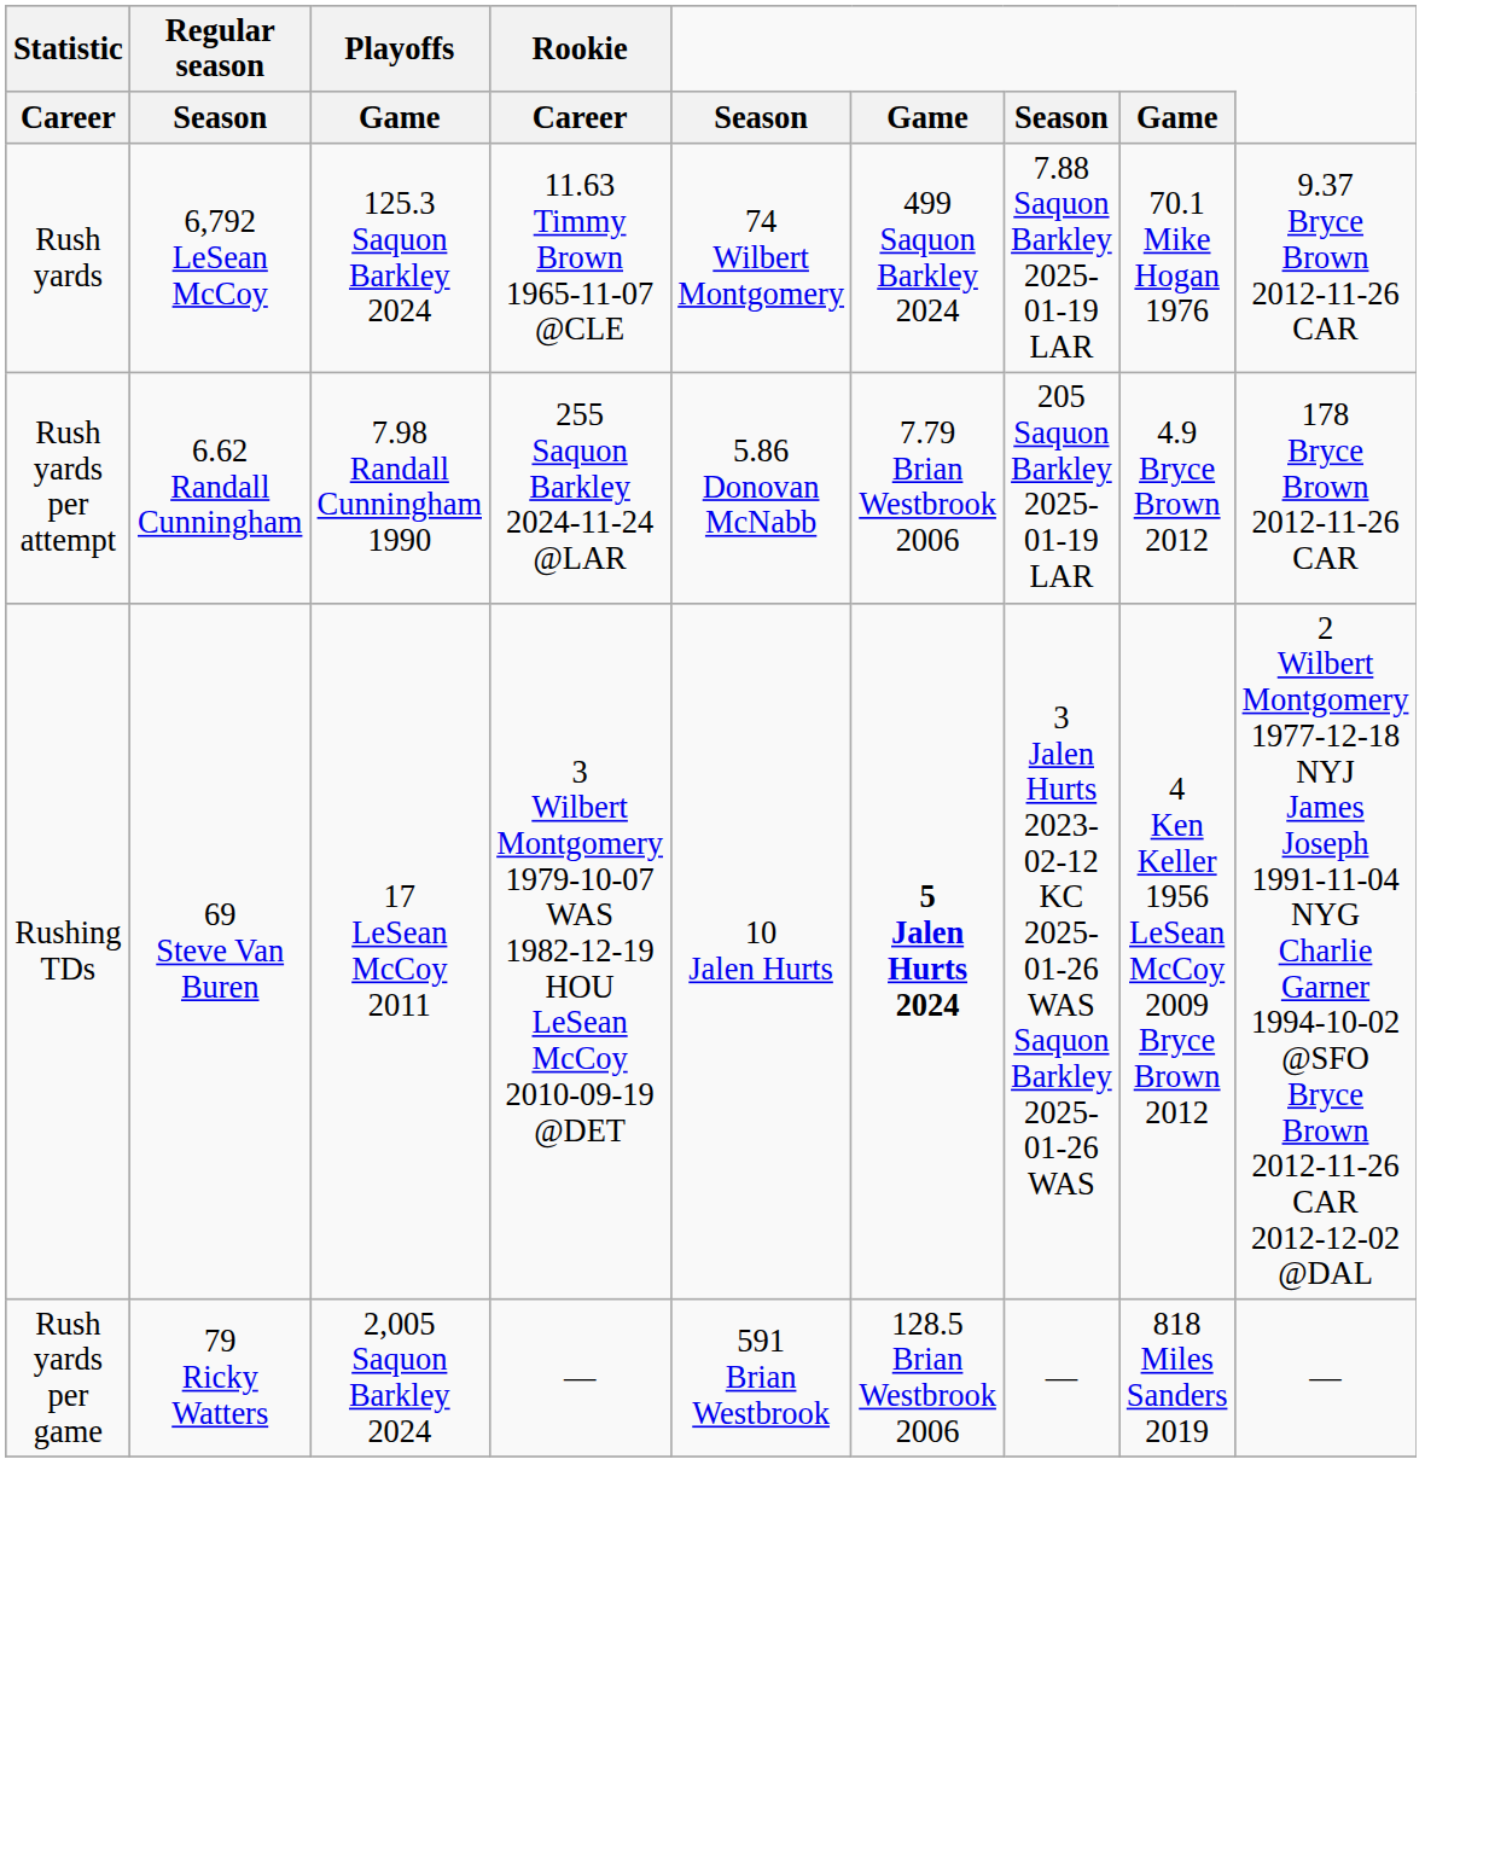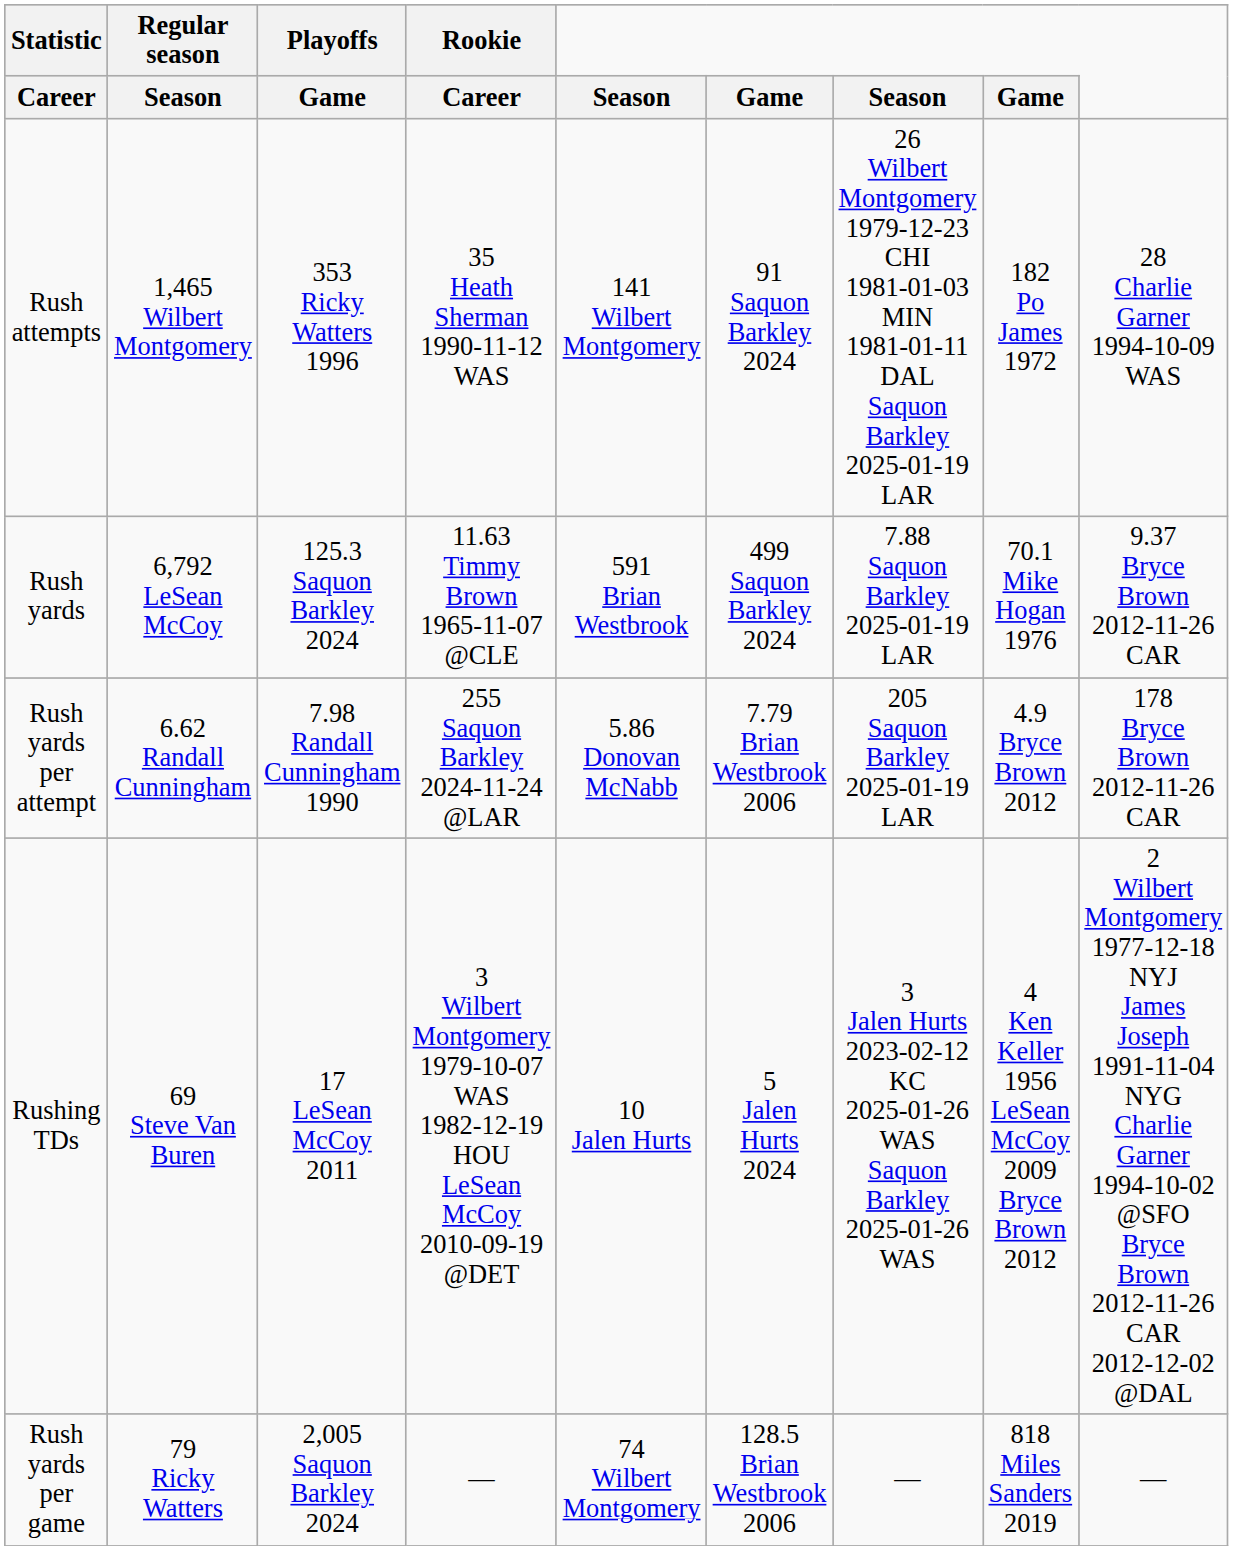 <table class="wikitable" style="text-align:center">
 <tr>
 <th>Statistic</th>
 <th>Regular season</th>
 <th>Playoffs</th>
 <th>Rookie</th>
 </tr>
 <tr>
 <th>Career</th>
 <th>Season</th>
 <th>Game</th>
 <th>Career</th>
 <th>Season</th>
 <th>Game</th>
 <th>Season</th>
 <th>Game</th>
 </tr>
 <tr>
+<td>Rush attempts</td>
+<td>1,465<br><a href='#'>Wilbert Montgomery</a></td>
+<td>353<br><a href='#'>Ricky Watters</a><br>1996</td>
+<td>35<br><a href='#'>Heath Sherman</a><br>1990-11-12 WAS</td>
+<td>141<br><a href='#'>Wilbert Montgomery</a></td>
+<td>91<br><a href='#'>Saquon Barkley</a><br>2024</td>
+<td>26<br><a href='#'>Wilbert Montgomery</a><br>1979-12-23 CHI<br>1981-01-03 MIN<br>1981-01-11 DAL<br><a href='#'>Saquon Barkley</a><br>2025-01-19 LAR</td>
+<td>182<br><a href='#'>Po James</a><br>1972</td>
+<td>28<br><a href='#'>Charlie Garner</a><br>1994-10-09 WAS</td>
+</tr>
+<tr>
 <td>Rush yards</td>
 <td>6,792<br><a href='#'>LeSean McCoy</a></td>
 <td>125.3<br><a href='#'>Saquon Barkley</a><br>2024</td>
 <td>11.63<br><a href='#'>Timmy Brown</a><br>1965-11-07 @CLE</td>
-<td>74<br><a href='#'>Wilbert Montgomery</a></td>
+<td>591<br><a href='#'>Brian Westbrook</a></td>
 <td>499<br><a href='#'>Saquon Barkley</a><br>2024</td>
 <td>7.88<br><a href='#'>Saquon Barkley</a><br>2025-01-19 LAR</td>
 <td>70.1<br><a href='#'>Mike Hogan</a><br>1976</td>
 <td>9.37<br><a href='#'>Bryce Brown</a><br>2012-11-26 CAR</td>
 </tr>
 <tr>
 <td>Rush yards per attempt</td>
 <td>6.62<br><a href='#'>Randall Cunningham</a></td>
 <td>7.98<br><a href='#'>Randall Cunningham</a><br>1990</td>
 <td>255<br><a href='#'>Saquon Barkley</a><br>2024-11-24 @LAR</td>
 <td>5.86<br><a href='#'>Donovan McNabb</a></td>
 <td>7.79<br><a href='#'>Brian Westbrook</a><br>2006</td>
 <td>205<br><a href='#'>Saquon Barkley</a><br>2025-01-19 LAR</td>
 <td>4.9<br><a href='#'>Bryce Brown</a><br>2012</td>
 <td>178<br><a href='#'>Bryce Brown</a><br>2012-11-26 CAR</td>
 </tr>
 <tr>
 <td>Rushing TDs</td>
 <td>69<br><a href='#'>Steve Van Buren</a></td>
 <td>17<br><a href='#'>LeSean McCoy</a><br>2011</td>
 <td>3<br><a href='#'>Wilbert Montgomery</a><br>1979-10-07 WAS<br>1982-12-19 HOU<br><a href='#'>LeSean McCoy</a><br>2010-09-19 @DET</td>
 <td>10<br><a href='#'>Jalen Hurts</a></td>
-<td><strong>5<br><a href='#'>Jalen Hurts</a><br>2024</strong></td>
+<td>5<br><a href='#'>Jalen Hurts</a><br>2024</td>
 <td>3<br><a href='#'>Jalen Hurts</a><br>2023-02-12 KC<br>2025-01-26 WAS<br><a href='#'>Saquon Barkley</a><br>2025-01-26 WAS</td>
 <td>4<br><a href='#'>Ken Keller</a><br>1956<br><a href='#'>LeSean McCoy</a><br>2009<br><a href='#'>Bryce Brown</a><br>2012</td>
 <td>2<br><a href='#'>Wilbert Montgomery</a><br>1977-12-18 NYJ<br><a href='#'>James Joseph</a><br>1991-11-04 NYG<br><a href='#'>Charlie Garner</a><br>1994-10-02 @SFO<br><a href='#'>Bryce Brown</a><br>2012-11-26 CAR<br>2012-12-02 @DAL</td>
 </tr>
 <tr>
 <td>Rush yards per game</td>
 <td>79<br><a href='#'>Ricky Watters</a></td>
 <td>2,005<br><a href='#'>Saquon Barkley</a><br>2024</td>
 <td>—</td>
-<td>591<br><a href='#'>Brian Westbrook</a></td>
+<td>74<br><a href='#'>Wilbert Montgomery</a></td>
 <td>128.5<br><a href='#'>Brian Westbrook</a><br>2006</td>
 <td>—</td>
 <td>818<br><a href='#'>Miles Sanders</a><br>2019</td>
 <td>—</td>
 </tr>
 </table>
